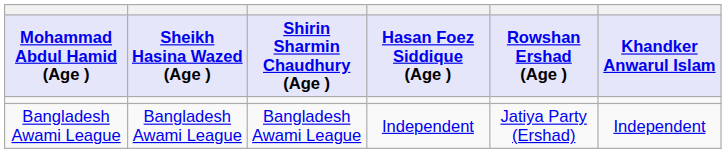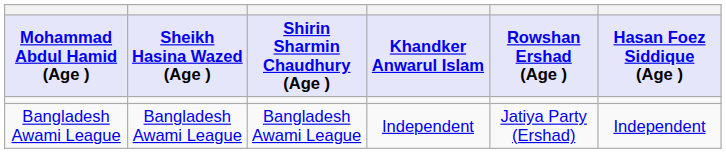 <table class=wikitable style="margin:1em auto; font-size:90%; text-align:center;">
 <tr>
 <th style="font-size:135%; width:175px; background:"><a href='#'></a></th>
 <th style="font-size:135%; width:175px; background:"><a href='#'></a></th>
 <th style="font-size:135%; width:175px; background:"><a href='#'></a></th>
 <th style="font-size:135%; width:175px; background:"><a href='#'></a></th>
 <th style="font-size:135%; width:175px; background:"><a href='#'></a></th>
 <th style="font-size:135%; width:175px; background:"><a href='#'></a></th>
 </tr>
 <tr>
 <th style="background:lavender;"><strong><a href='#'>Mohammad Abdul Hamid</a></strong><br>(Age )</th>
 <th style="background:lavender;"><strong><a href='#'>Sheikh Hasina Wazed</a></strong><br>(Age )</th>
 <th style="background:lavender;"><strong><a href='#'>Shirin Sharmin Chaudhury</a></strong><br>(Age )</th>
+<th style="background:lavender;"><strong><a href='#'>Khandker Anwarul Islam</a></strong><br></th>
+<th style="background:lavender;"><strong><a href='#'>Rowshan Ershad</a></strong><br>(Age )</th>
 <th style="background:lavender;"><strong><a href='#'>Hasan Foez Siddique</a></strong><br>(Age )</th>
-<th style="background:lavender;"><strong><a href='#'>Rowshan Ershad</a></strong><br>(Age )</th>
-<th style="background:lavender;"><strong><a href='#'>Khandker Anwarul Islam</a></strong><br></th>
 </tr>
 <tr>
 <td></td>
 <td></td>
 <td></td>
 <td></td>
 <td></td>
 <td></td>
 </tr>
 <tr>
 <td><a href='#'>Bangladesh Awami League</a><br></td>
 <td><a href='#'>Bangladesh Awami League</a><br></td>
 <td><a href='#'>Bangladesh Awami League</a><br></td>
 <td><a href='#'>Independent</a><br></td>
 <td><a href='#'>Jatiya Party (Ershad)</a><br></td>
 <td><a href='#'>Independent</a><br></td>
 </tr>
 </table>
